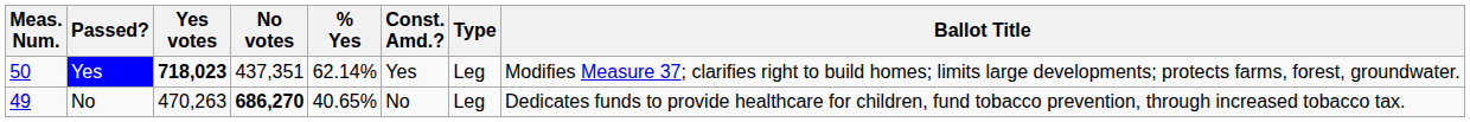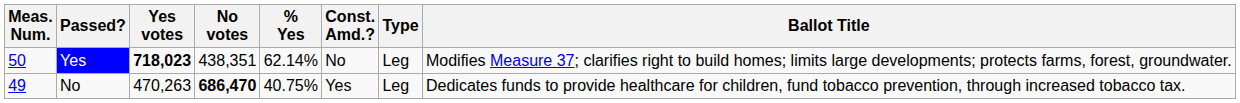 <table class="wikitable sortable">
 <tr>
 <th>Meas.<br>Num.</th>
 <th>Passed?</th>
 <th>Yes<br>votes</th>
 <th>No<br>votes</th>
 <th>%<br>Yes</th>
 <th>Const.<br>Amd.?</th>
 <th>Type</th>
 <th>Ballot Title</th>
 </tr>
 <tr>
 <td><a href='#'>50</a></td>
 <td style="background:blue;color:white">Yes</td>
 <td><strong>718,023</strong></td>
-<td>437,351</td>
+<td>438,351</td>
 <td>62.14%</td>
-<td>Yes</td>
+<td>No</td>
 <td>Leg</td>
 <td>Modifies <a href='#'>Measure 37</a>; clarifies right to build homes; limits large developments; protects farms, forest, groundwater.</td>
 </tr>
 <tr>
 <td><a href='#'>49</a></td>
 <td>No</td>
 <td>470,263</td>
-<td><strong>686,270</strong></td>
-<td>40.65%</td>
-<td>No</td>
+<td><strong>686,470</strong></td>
+<td>40.75%</td>
+<td>Yes</td>
 <td>Leg</td>
 <td>Dedicates funds to provide healthcare for children, fund tobacco prevention, through increased tobacco tax.</td>
 </tr>
 </table>
